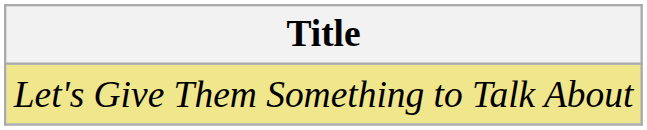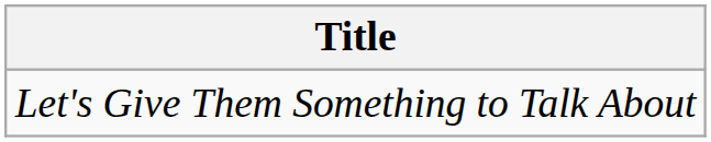 <table class="wikitable">
 <tr>
 <th>Title</th>
 </tr>
 <tr>
-<td style="background: khaki;"><em>Let's Give Them Something to Talk About</em></td>
+<td><em>Let's Give Them Something to Talk About</em></td>
 </tr>
 </table>
